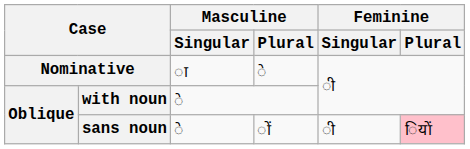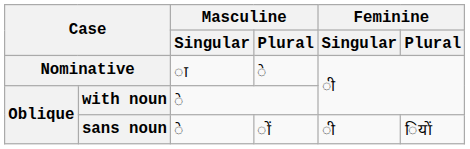 <table class="wikitable">
 <tr>
 <th colspan="2" rowspan="2">Case</th>
 <th colspan="2">Masculine</th>
 <th colspan="2">Feminine</th>
 </tr>
 <tr>
 <th>Singular</th>
 <th>Plural</th>
 <th>Singular</th>
 <th>Plural</th>
 </tr>
 <tr>
 <th colspan="2">Nominative</th>
 <td>ा<br></td>
 <td>े<br></td>
 <td colspan="2" rowspan="2">ी<br></td>
 </tr>
 <tr>
 <th rowspan="2">Oblique</th>
 <th>with noun</th>
 <td colspan="2">े<br></td>
 </tr>
 <tr>
 <th>sans noun</th>
 <td>े<br></td>
 <td>ों<br></td>
 <td>ी<br></td>
-<td style="background: pink;">ियों<br></td>
+<td>ियों<br></td>
 </tr>
 </table>
